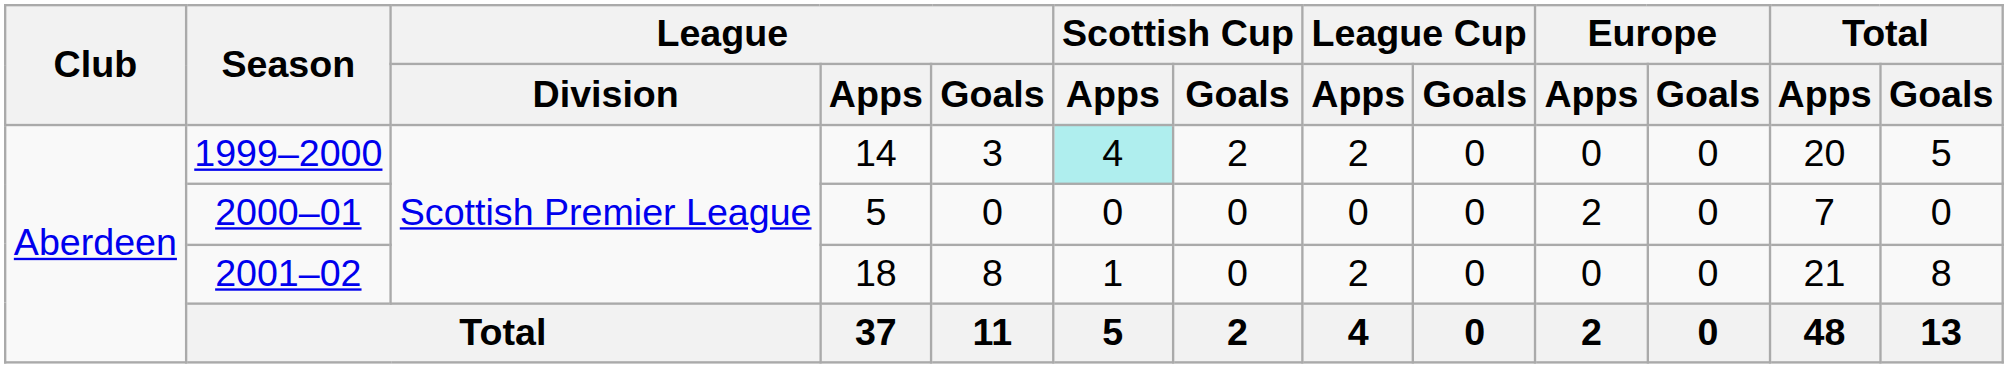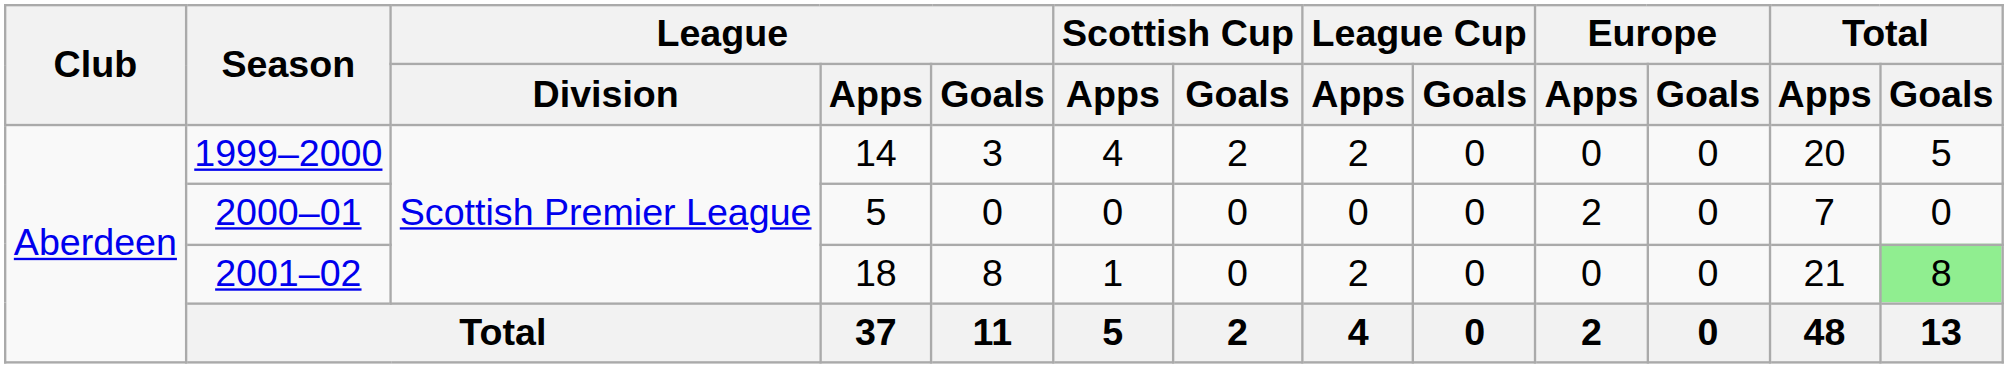 <table class="wikitable" style="text-align:center">
 <tr>
 <th rowspan="2">Club</th>
 <th rowspan="2">Season</th>
 <th colspan="3">League</th>
 <th colspan="2">Scottish Cup</th>
 <th colspan="2">League Cup</th>
 <th colspan="2">Europe</th>
 <th colspan="2">Total</th>
 </tr>
 <tr>
 <th>Division</th>
 <th>Apps</th>
 <th>Goals</th>
 <th>Apps</th>
 <th>Goals</th>
 <th>Apps</th>
 <th>Goals</th>
 <th>Apps</th>
 <th>Goals</th>
 <th>Apps</th>
 <th>Goals</th>
 </tr>
 <tr>
 <td rowspan="4"><a href='#'>Aberdeen</a></td>
 <td><a href='#'>1999–2000</a></td>
 <td rowspan="3"><a href='#'>Scottish Premier League</a></td>
 <td>14</td>
 <td>3</td>
-<td style="background: paleturquoise;">4</td>
+<td>4</td>
 <td>2</td>
 <td>2</td>
 <td>0</td>
 <td>0</td>
 <td>0</td>
 <td>20</td>
 <td>5</td>
 </tr>
 <tr>
 <td><a href='#'>2000–01</a></td>
 <td>5</td>
 <td>0</td>
 <td>0</td>
 <td>0</td>
 <td>0</td>
 <td>0</td>
 <td>2</td>
 <td>0</td>
 <td>7</td>
 <td>0</td>
 </tr>
 <tr>
 <td><a href='#'>2001–02</a></td>
 <td>18</td>
 <td>8</td>
 <td>1</td>
 <td>0</td>
 <td>2</td>
 <td>0</td>
 <td>0</td>
 <td>0</td>
 <td>21</td>
-<td>8</td>
+<td style="background: lightgreen;">8</td>
 </tr>
 <tr>
 <th colspan="2">Total</th>
 <th>37</th>
 <th>11</th>
 <th>5</th>
 <th>2</th>
 <th>4</th>
 <th>0</th>
 <th>2</th>
 <th>0</th>
 <th>48</th>
 <th>13</th>
 </tr>
 </table>
